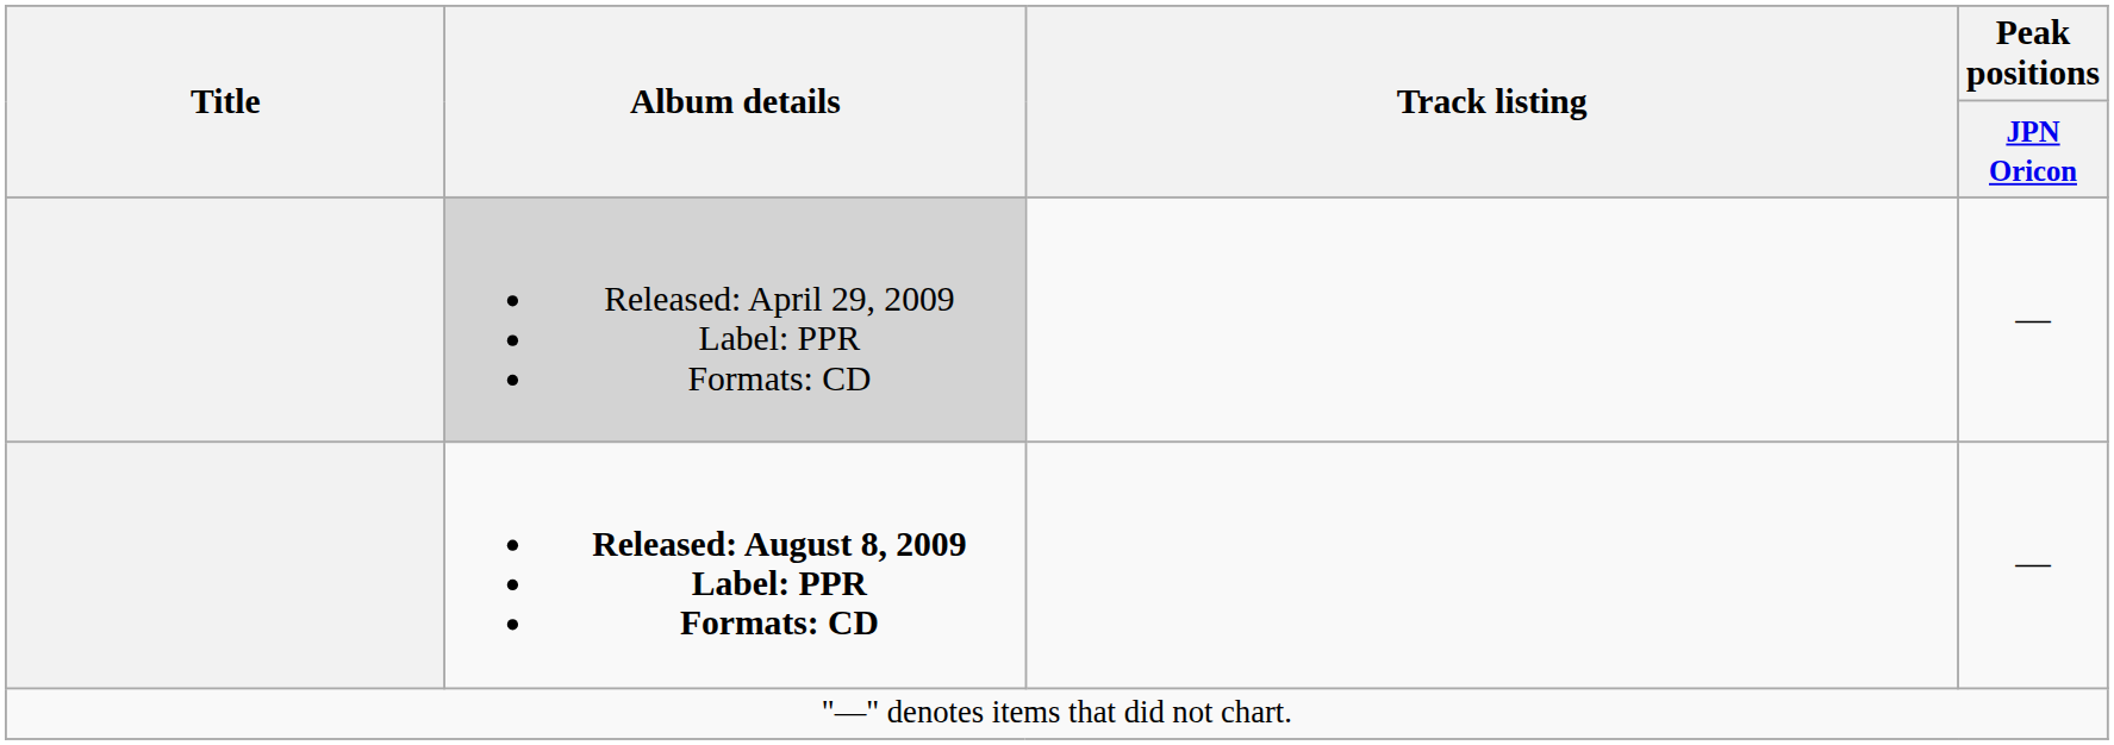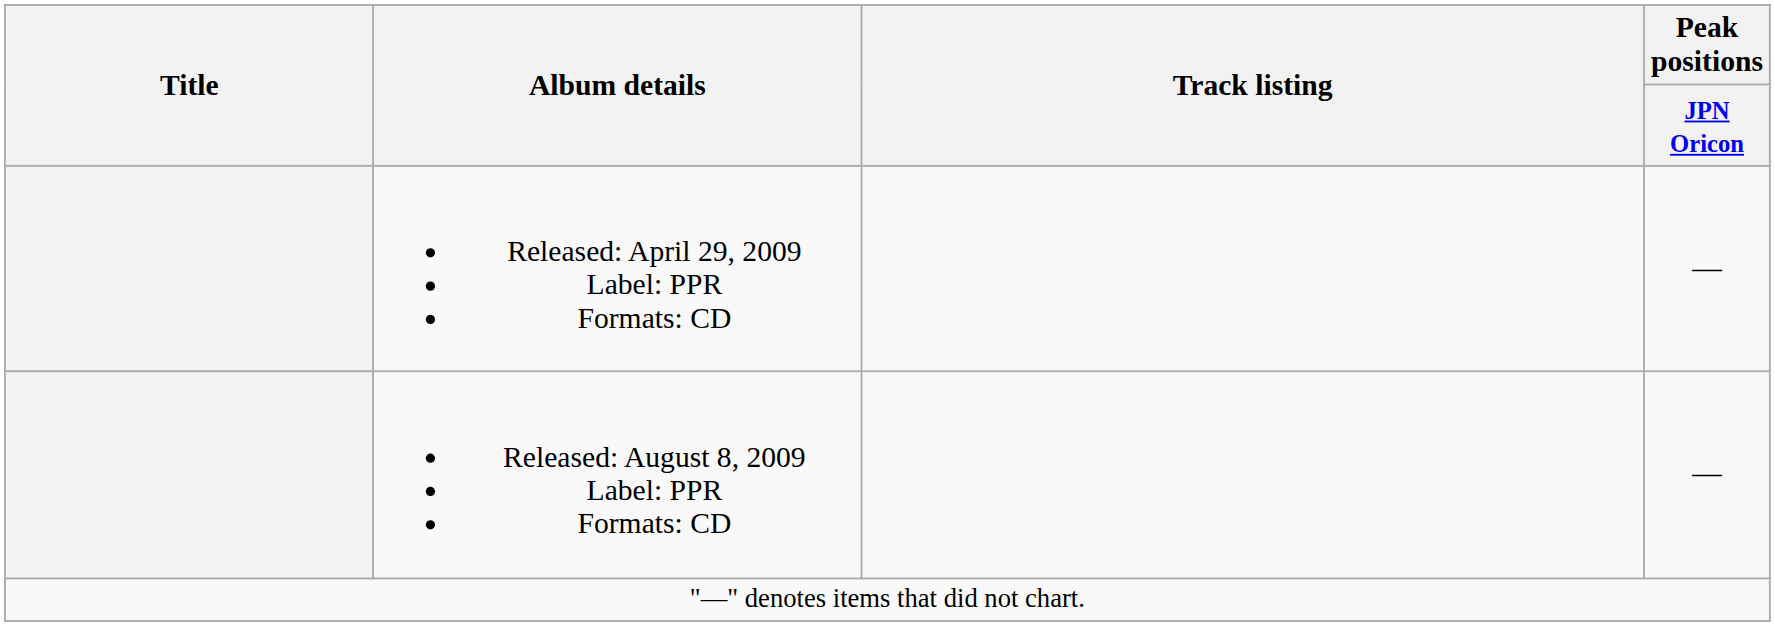 <table class="wikitable plainrowheaders" style="text-align:center;">
 <tr>
 <th style="width:12em;" rowspan="2">Title</th>
 <th style="width:16em;" rowspan="2">Album details</th>
 <th style="width:26em;" rowspan="2">Track listing</th>
 <th>Peak positions</th>
 </tr>
 <tr>
 <th style="width:2.5em;"><small><a href='#'>JPN<br>Oricon</a></small><br></th>
 </tr>
 <tr>
 <th scope="row"></th>
-<td style="background: lightgrey;"><br><ul><li>Released: April 29, 2009 </li><li>Label: PPR</li><li>Formats: CD </li></ul></td>
+<td><br><ul><li>Released: April 29, 2009 </li><li>Label: PPR</li><li>Formats: CD </li></ul></td>
 <td><br></td>
 <td>—</td>
 </tr>
 <tr>
 <th scope="row"></th>
-<td><strong><br><ul><li>Released: August 8, 2009 </li><li>Label: PPR</li><li>Formats: CD </li></ul></strong></td>
+<td><br><ul><li>Released: August 8, 2009 </li><li>Label: PPR</li><li>Formats: CD </li></ul></td>
 <td><br></td>
 <td>—</td>
 </tr>
 <tr>
 <td colspan="12" align="center" style="font-size:90%;">"—" denotes items that did not chart.</td>
 </tr>
 </table>
